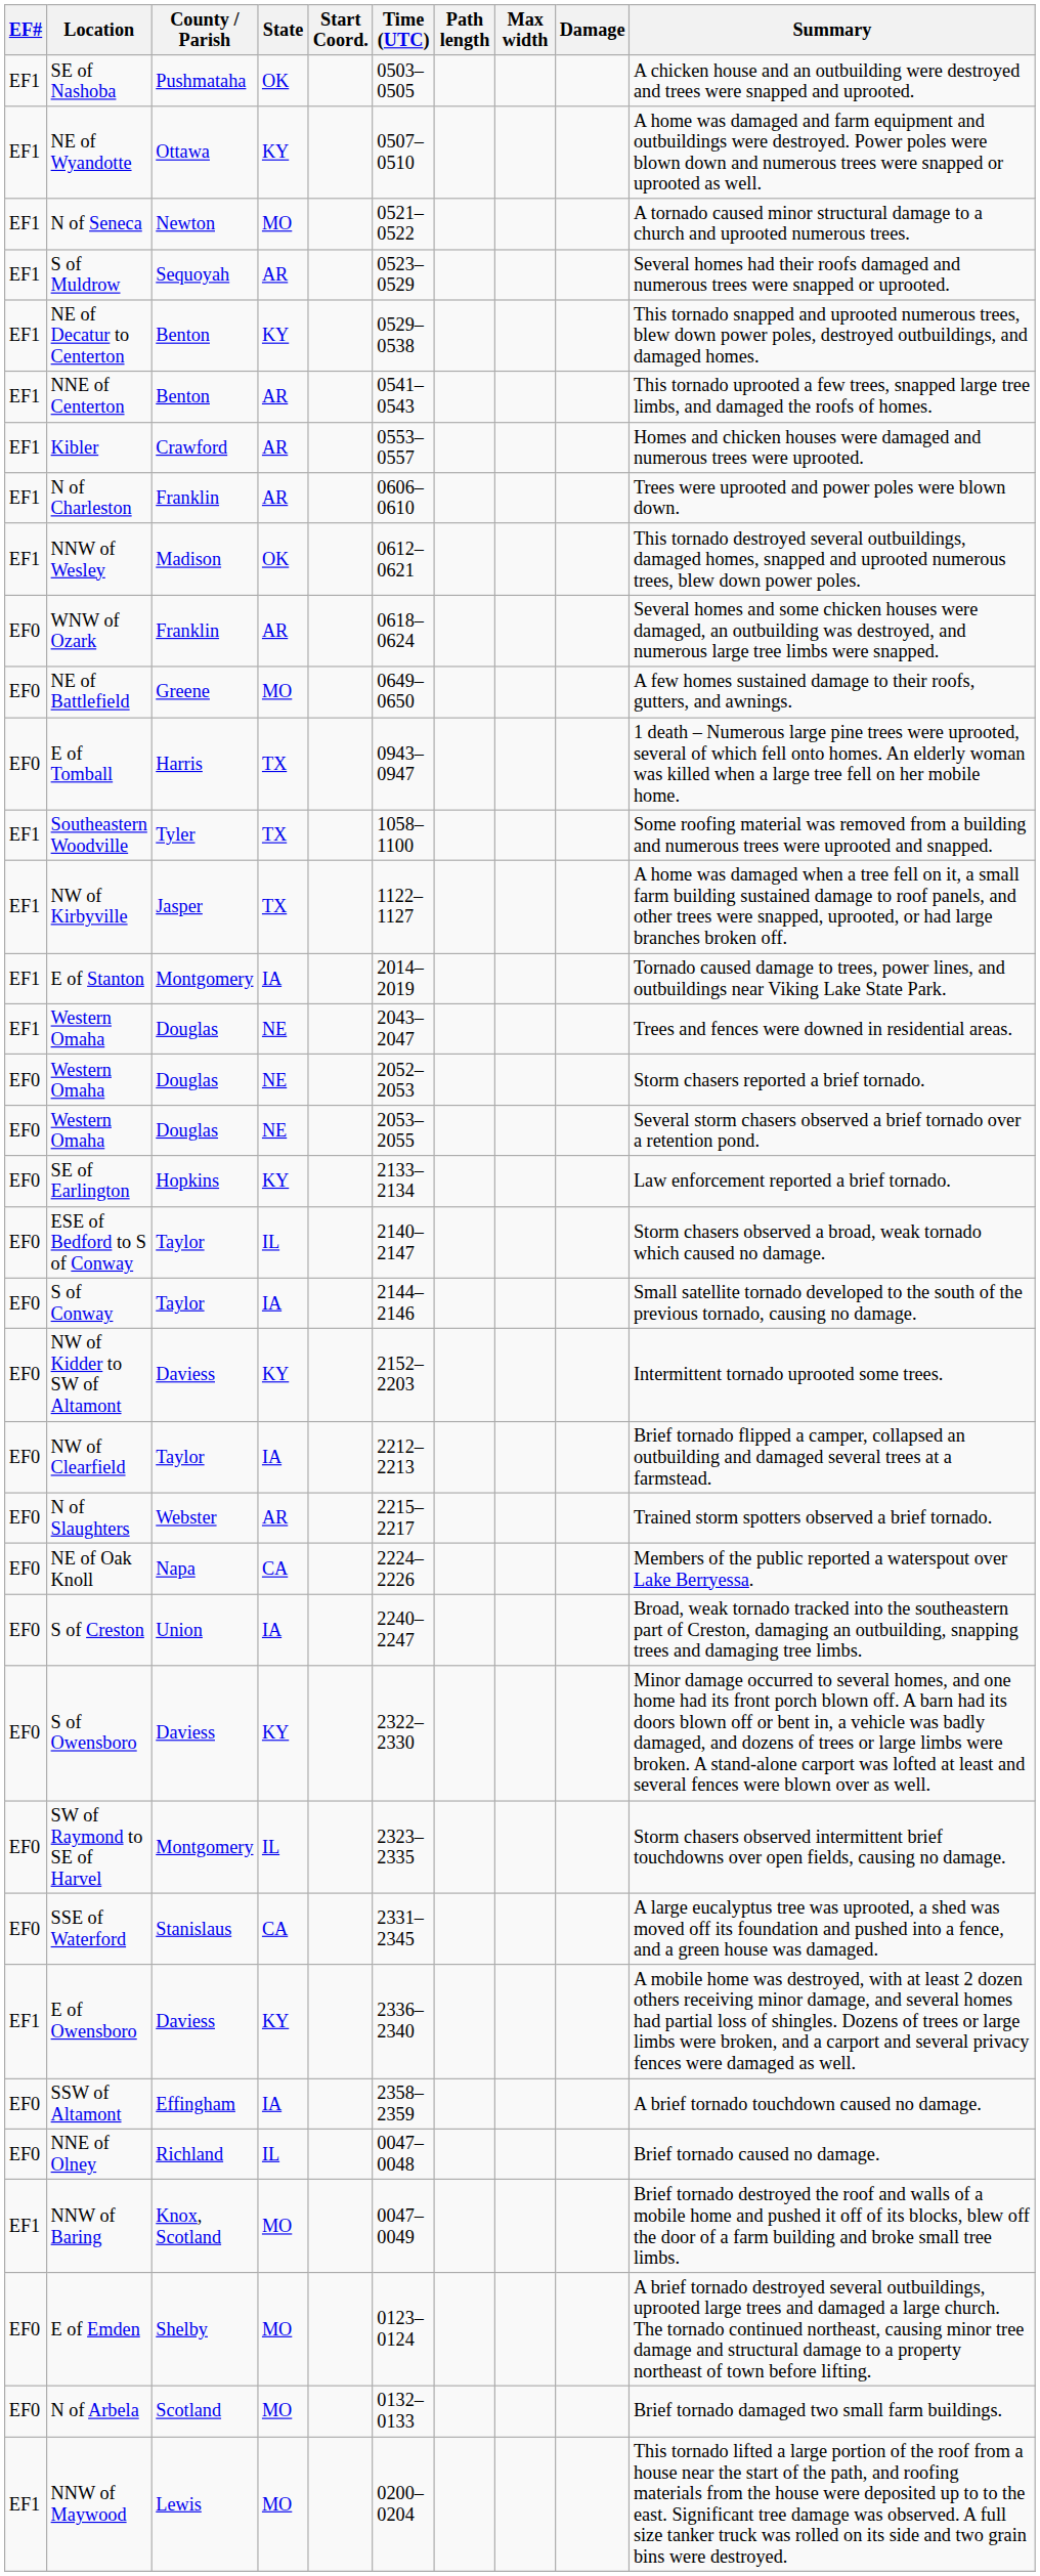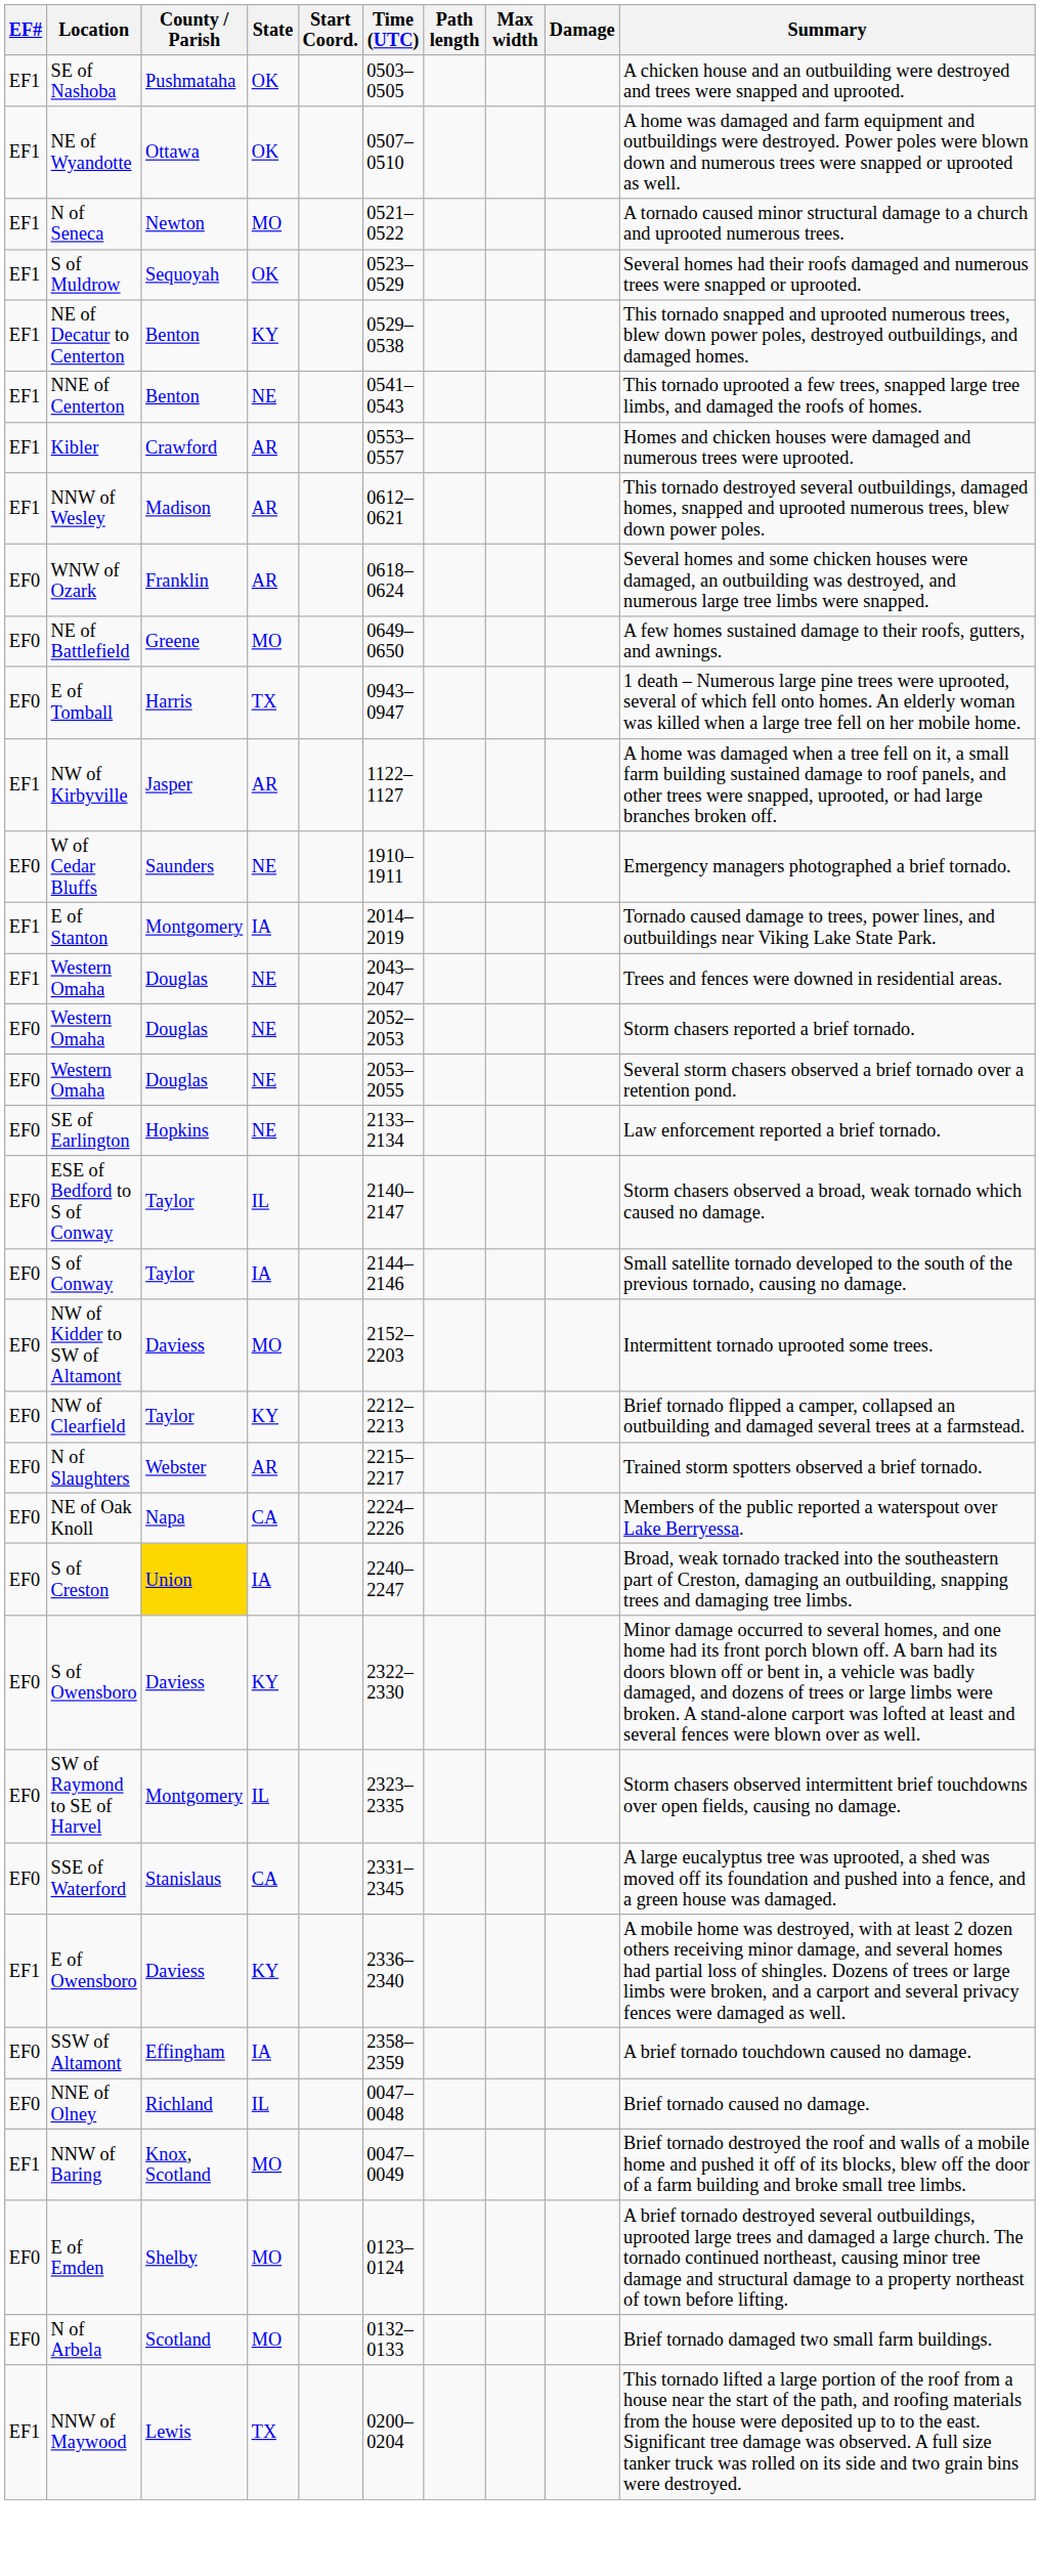 <table class="wikitable sortable" style="width:100%;">
 <tr>
 <th scope="col" width="3%" align="center"><a href='#'>EF#</a></th>
 <th scope="col" width="7%" align="center" class="unsortable">Location</th>
 <th scope="col" width="6%" align="center" class="unsortable">County / Parish</th>
 <th scope="col" width="5%" align="center">State</th>
 <th scope="col" width="6%" align="center">Start Coord.</th>
 <th scope="col" width="6%" align="center">Time (<a href='#'>UTC</a>)</th>
 <th scope="col" width="6%" align="center">Path length</th>
 <th scope="col" width="6%" align="center">Max width</th>
 <th scope="col" width="6%" align="center">Damage</th>
 <th scope="col" width="48%" class="unsortable" align="center">Summary</th>
 </tr>
 <tr>
 <td>EF1</td>
 <td>SE of <a href='#'>Nashoba</a></td>
 <td><a href='#'>Pushmataha</a></td>
 <td><a href='#'>OK</a></td>
 <td></td>
 <td>0503–0505</td>
 <td></td>
 <td></td>
 <td></td>
 <td>A chicken house and an outbuilding were destroyed and trees were snapped and uprooted.</td>
 </tr>
 <tr>
 <td>EF1</td>
 <td>NE of <a href='#'>Wyandotte</a></td>
 <td><a href='#'>Ottawa</a></td>
-<td><a href='#'>KY</a></td>
+<td><a href='#'>OK</a></td>
 <td></td>
 <td>0507–0510</td>
 <td></td>
 <td></td>
 <td></td>
 <td>A home was damaged and farm equipment and outbuildings were destroyed. Power poles were blown down and numerous trees were snapped or uprooted as well.</td>
 </tr>
 <tr>
 <td>EF1</td>
 <td>N of <a href='#'>Seneca</a></td>
 <td><a href='#'>Newton</a></td>
 <td><a href='#'>MO</a></td>
 <td></td>
 <td>0521–0522</td>
 <td></td>
 <td></td>
 <td></td>
 <td>A tornado caused minor structural damage to a church and uprooted numerous trees.</td>
 </tr>
 <tr>
 <td>EF1</td>
 <td>S of <a href='#'>Muldrow</a></td>
 <td><a href='#'>Sequoyah</a></td>
-<td><a href='#'>AR</a></td>
+<td><a href='#'>OK</a></td>
 <td></td>
 <td>0523–0529</td>
 <td></td>
 <td></td>
 <td></td>
 <td>Several homes had their roofs damaged and numerous trees were snapped or uprooted.</td>
 </tr>
 <tr>
 <td>EF1</td>
 <td>NE of <a href='#'>Decatur</a> to <a href='#'>Centerton</a></td>
 <td><a href='#'>Benton</a></td>
 <td><a href='#'>KY</a></td>
 <td></td>
 <td>0529–0538</td>
 <td></td>
 <td></td>
 <td></td>
 <td>This tornado snapped and uprooted numerous trees, blew down power poles, destroyed outbuildings, and damaged homes.</td>
 </tr>
 <tr>
 <td>EF1</td>
 <td>NNE of <a href='#'>Centerton</a></td>
 <td><a href='#'>Benton</a></td>
-<td><a href='#'>AR</a></td>
+<td><a href='#'>NE</a></td>
 <td></td>
 <td>0541–0543</td>
 <td></td>
 <td></td>
 <td></td>
 <td>This tornado uprooted a few trees, snapped large tree limbs, and damaged the roofs of homes.</td>
 </tr>
 <tr>
 <td>EF1</td>
 <td><a href='#'>Kibler</a></td>
 <td><a href='#'>Crawford</a></td>
 <td><a href='#'>AR</a></td>
 <td></td>
 <td>0553–0557</td>
 <td></td>
 <td></td>
 <td></td>
 <td>Homes and chicken houses were damaged and numerous trees were uprooted.</td>
 </tr>
 <tr>
 <td>EF1</td>
-<td>N of <a href='#'>Charleston</a></td>
-<td><a href='#'>Franklin</a></td>
-<td><a href='#'>AR</a></td>
-<td></td>
-<td>0606–0610</td>
-<td></td>
-<td></td>
-<td></td>
-<td>Trees were uprooted and power poles were blown down.</td>
-</tr>
-<tr>
-<td>EF1</td>
 <td>NNW of <a href='#'>Wesley</a></td>
 <td><a href='#'>Madison</a></td>
-<td><a href='#'>OK</a></td>
+<td><a href='#'>AR</a></td>
 <td></td>
 <td>0612–0621</td>
 <td></td>
 <td></td>
 <td></td>
 <td>This tornado destroyed several outbuildings, damaged homes, snapped and uprooted numerous trees, blew down power poles.</td>
 </tr>
 <tr>
 <td>EF0</td>
 <td>WNW of <a href='#'>Ozark</a></td>
 <td><a href='#'>Franklin</a></td>
 <td><a href='#'>AR</a></td>
 <td></td>
 <td>0618–0624</td>
 <td></td>
 <td></td>
 <td></td>
 <td>Several homes and some chicken houses were damaged, an outbuilding was destroyed, and numerous large tree limbs were snapped.</td>
 </tr>
 <tr>
 <td>EF0</td>
 <td>NE of <a href='#'>Battlefield</a></td>
 <td><a href='#'>Greene</a></td>
 <td><a href='#'>MO</a></td>
 <td></td>
 <td>0649–0650</td>
 <td></td>
 <td></td>
 <td></td>
 <td>A few homes sustained damage to their roofs, gutters, and awnings.</td>
 </tr>
 <tr>
 <td>EF0</td>
 <td>E of <a href='#'>Tomball</a></td>
 <td><a href='#'>Harris</a></td>
 <td><a href='#'>TX</a></td>
 <td></td>
 <td>0943–0947</td>
 <td></td>
 <td></td>
 <td></td>
 <td>1 death – Numerous large pine trees were uprooted, several of which fell onto homes. An elderly woman was killed when a large tree fell on her mobile home.</td>
 </tr>
 <tr>
 <td>EF1</td>
-<td><a href='#'>Southeastern Woodville</a></td>
-<td><a href='#'>Tyler</a></td>
-<td><a href='#'>TX</a></td>
-<td></td>
-<td>1058–1100</td>
-<td></td>
-<td></td>
-<td></td>
-<td>Some roofing material was removed from a building and numerous trees were uprooted and snapped.</td>
-</tr>
-<tr>
-<td>EF1</td>
 <td>NW of <a href='#'>Kirbyville</a></td>
 <td><a href='#'>Jasper</a></td>
-<td><a href='#'>TX</a></td>
+<td><a href='#'>AR</a></td>
 <td></td>
 <td>1122–1127</td>
 <td></td>
 <td></td>
 <td></td>
 <td>A home was damaged when a tree fell on it, a small farm building sustained damage to roof panels, and other trees were snapped, uprooted, or had large branches broken off.</td>
+</tr>
+<tr>
+<td>EF0</td>
+<td>W of <a href='#'>Cedar Bluffs</a></td>
+<td><a href='#'>Saunders</a></td>
+<td><a href='#'>NE</a></td>
+<td></td>
+<td>1910–1911</td>
+<td></td>
+<td></td>
+<td></td>
+<td>Emergency managers photographed a brief tornado.</td>
 </tr>
 <tr>
 <td>EF1</td>
 <td>E of <a href='#'>Stanton</a></td>
 <td><a href='#'>Montgomery</a></td>
 <td><a href='#'>IA</a></td>
 <td></td>
 <td>2014–2019</td>
 <td></td>
 <td></td>
 <td></td>
 <td>Tornado caused damage to trees, power lines, and outbuildings near Viking Lake State Park.</td>
 </tr>
 <tr>
 <td>EF1</td>
 <td><a href='#'>Western Omaha</a></td>
 <td><a href='#'>Douglas</a></td>
 <td><a href='#'>NE</a></td>
 <td></td>
 <td>2043–2047</td>
 <td></td>
 <td></td>
 <td></td>
 <td>Trees and fences were downed in residential areas.</td>
 </tr>
 <tr>
 <td>EF0</td>
 <td><a href='#'>Western Omaha</a></td>
 <td><a href='#'>Douglas</a></td>
 <td><a href='#'>NE</a></td>
 <td></td>
 <td>2052–2053</td>
 <td></td>
 <td></td>
 <td></td>
 <td>Storm chasers reported a brief tornado.</td>
 </tr>
 <tr>
 <td>EF0</td>
 <td><a href='#'>Western Omaha</a></td>
 <td><a href='#'>Douglas</a></td>
 <td><a href='#'>NE</a></td>
 <td></td>
 <td>2053–2055</td>
 <td></td>
 <td></td>
 <td></td>
 <td>Several storm chasers observed a brief tornado over a retention pond.</td>
 </tr>
 <tr>
 <td>EF0</td>
 <td>SE of <a href='#'>Earlington</a></td>
 <td><a href='#'>Hopkins</a></td>
-<td><a href='#'>KY</a></td>
+<td><a href='#'>NE</a></td>
 <td></td>
 <td>2133–2134</td>
 <td></td>
 <td></td>
 <td></td>
 <td>Law enforcement reported a brief tornado.</td>
 </tr>
 <tr>
 <td>EF0</td>
 <td>ESE of <a href='#'>Bedford</a> to S of <a href='#'>Conway</a></td>
 <td><a href='#'>Taylor</a></td>
 <td><a href='#'>IL</a></td>
 <td></td>
 <td>2140–2147</td>
 <td></td>
 <td></td>
 <td></td>
 <td>Storm chasers observed a broad, weak tornado which caused no damage.</td>
 </tr>
 <tr>
 <td>EF0</td>
 <td>S of <a href='#'>Conway</a></td>
 <td><a href='#'>Taylor</a></td>
 <td><a href='#'>IA</a></td>
 <td></td>
 <td>2144–2146</td>
 <td></td>
 <td></td>
 <td></td>
 <td>Small satellite tornado developed to the south of the previous tornado, causing no damage.</td>
 </tr>
 <tr>
 <td>EF0</td>
 <td>NW of <a href='#'>Kidder</a> to SW of <a href='#'>Altamont</a></td>
 <td><a href='#'>Daviess</a></td>
-<td><a href='#'>KY</a></td>
+<td><a href='#'>MO</a></td>
 <td></td>
 <td>2152–2203</td>
 <td></td>
 <td></td>
 <td></td>
 <td>Intermittent tornado uprooted some trees.</td>
 </tr>
 <tr>
 <td>EF0</td>
 <td>NW of <a href='#'>Clearfield</a></td>
 <td><a href='#'>Taylor</a></td>
-<td><a href='#'>IA</a></td>
+<td><a href='#'>KY</a></td>
 <td></td>
 <td>2212–2213</td>
 <td></td>
 <td></td>
 <td></td>
 <td>Brief tornado flipped a camper, collapsed an outbuilding and damaged several trees at a farmstead.</td>
 </tr>
 <tr>
 <td>EF0</td>
 <td>N of <a href='#'>Slaughters</a></td>
 <td><a href='#'>Webster</a></td>
 <td><a href='#'>AR</a></td>
 <td></td>
 <td>2215–2217</td>
 <td></td>
 <td></td>
 <td></td>
 <td>Trained storm spotters observed a brief tornado.</td>
 </tr>
 <tr>
 <td>EF0</td>
 <td>NE of Oak Knoll</td>
 <td><a href='#'>Napa</a></td>
 <td><a href='#'>CA</a></td>
 <td></td>
 <td>2224–2226</td>
 <td></td>
 <td></td>
 <td></td>
 <td>Members of the public reported a waterspout over <a href='#'>Lake Berryessa</a>.</td>
 </tr>
 <tr>
 <td>EF0</td>
 <td>S of <a href='#'>Creston</a></td>
-<td><a href='#'>Union</a></td>
+<td style="background: gold;"><a href='#'>Union</a></td>
 <td><a href='#'>IA</a></td>
 <td></td>
 <td>2240–2247</td>
 <td></td>
 <td></td>
 <td></td>
 <td>Broad, weak tornado tracked into the southeastern part of Creston, damaging an outbuilding, snapping trees and damaging tree limbs.</td>
 </tr>
 <tr>
 <td>EF0</td>
 <td>S of <a href='#'>Owensboro</a></td>
 <td><a href='#'>Daviess</a></td>
 <td><a href='#'>KY</a></td>
 <td></td>
 <td>2322–2330</td>
 <td></td>
 <td></td>
 <td></td>
 <td>Minor damage occurred to several homes, and one home had its front porch blown off. A barn had its doors blown off or bent in, a vehicle was badly damaged, and dozens of trees or large limbs were broken. A stand-alone carport was lofted at least  and several fences were blown over as well.</td>
 </tr>
 <tr>
 <td>EF0</td>
 <td>SW of <a href='#'>Raymond</a> to SE of <a href='#'>Harvel</a></td>
 <td><a href='#'>Montgomery</a></td>
 <td><a href='#'>IL</a></td>
 <td></td>
 <td>2323–2335</td>
 <td></td>
 <td></td>
 <td></td>
 <td>Storm chasers observed intermittent brief touchdowns over open fields, causing no damage.</td>
 </tr>
 <tr>
 <td>EF0</td>
 <td>SSE of <a href='#'>Waterford</a></td>
 <td><a href='#'>Stanislaus</a></td>
 <td><a href='#'>CA</a></td>
 <td></td>
 <td>2331–2345</td>
 <td></td>
 <td></td>
 <td></td>
 <td>A large eucalyptus tree was uprooted, a shed was moved off its foundation and pushed into a fence, and a green house was damaged.</td>
 </tr>
 <tr>
 <td>EF1</td>
 <td>E of <a href='#'>Owensboro</a></td>
 <td><a href='#'>Daviess</a></td>
 <td><a href='#'>KY</a></td>
 <td></td>
 <td>2336–2340</td>
 <td></td>
 <td></td>
 <td></td>
 <td>A mobile home was destroyed, with at least 2 dozen others receiving minor damage, and several homes had partial loss of shingles. Dozens of trees or large limbs were broken, and a carport and several privacy fences were damaged as well.</td>
 </tr>
 <tr>
 <td>EF0</td>
 <td>SSW of <a href='#'>Altamont</a></td>
 <td><a href='#'>Effingham</a></td>
 <td><a href='#'>IA</a></td>
 <td></td>
 <td>2358–2359</td>
 <td></td>
 <td></td>
 <td></td>
 <td>A brief tornado touchdown caused no damage.</td>
 </tr>
 <tr>
 <td>EF0</td>
 <td>NNE of <a href='#'>Olney</a></td>
 <td><a href='#'>Richland</a></td>
 <td><a href='#'>IL</a></td>
 <td></td>
 <td>0047–0048</td>
 <td></td>
 <td></td>
 <td></td>
 <td>Brief tornado caused no damage.</td>
 </tr>
 <tr>
 <td>EF1</td>
 <td>NNW of <a href='#'>Baring</a></td>
 <td><a href='#'>Knox</a>, <a href='#'>Scotland</a></td>
 <td><a href='#'>MO</a></td>
 <td></td>
 <td>0047–0049</td>
 <td></td>
 <td></td>
 <td></td>
 <td>Brief tornado destroyed the roof and walls of a mobile home and pushed it off of its blocks, blew off the door of a farm building and broke small tree limbs.</td>
 </tr>
 <tr>
 <td>EF0</td>
 <td>E of <a href='#'>Emden</a></td>
 <td><a href='#'>Shelby</a></td>
 <td><a href='#'>MO</a></td>
 <td></td>
 <td>0123–0124</td>
 <td></td>
 <td></td>
 <td></td>
 <td>A brief tornado destroyed several outbuildings, uprooted large trees and damaged a large church. The tornado continued northeast, causing minor tree damage and structural damage to a property northeast of town before lifting.</td>
 </tr>
 <tr>
 <td>EF0</td>
 <td>N of <a href='#'>Arbela</a></td>
 <td><a href='#'>Scotland</a></td>
 <td><a href='#'>MO</a></td>
 <td></td>
 <td>0132–0133</td>
 <td></td>
 <td></td>
 <td></td>
 <td>Brief tornado damaged two small farm buildings.</td>
 </tr>
 <tr>
 <td>EF1</td>
 <td>NNW of <a href='#'>Maywood</a></td>
 <td><a href='#'>Lewis</a></td>
-<td><a href='#'>MO</a></td>
+<td><a href='#'>TX</a></td>
 <td></td>
 <td>0200–0204</td>
 <td></td>
 <td></td>
 <td></td>
 <td>This tornado lifted a large portion of the roof from a house near the start of the path, and roofing materials from the house were deposited up to  to the east. Significant tree damage was observed. A full size tanker truck was rolled on its side and two grain bins were destroyed.</td>
 </tr>
 <tr>
 </tr>
 </table>
